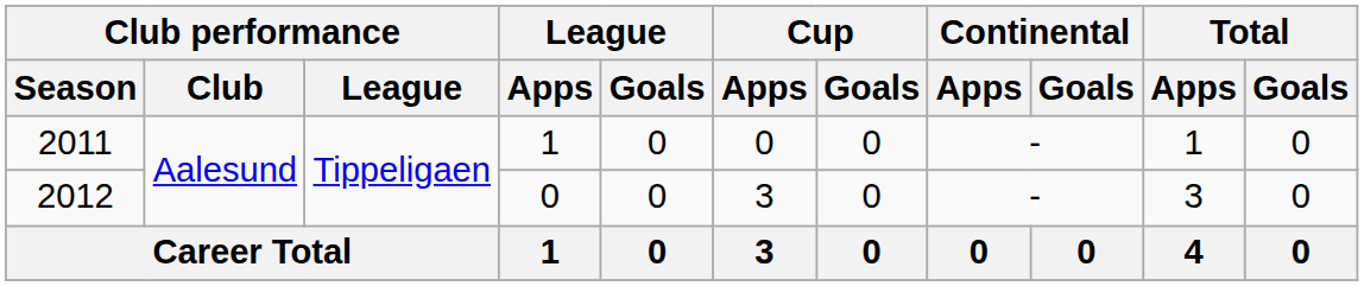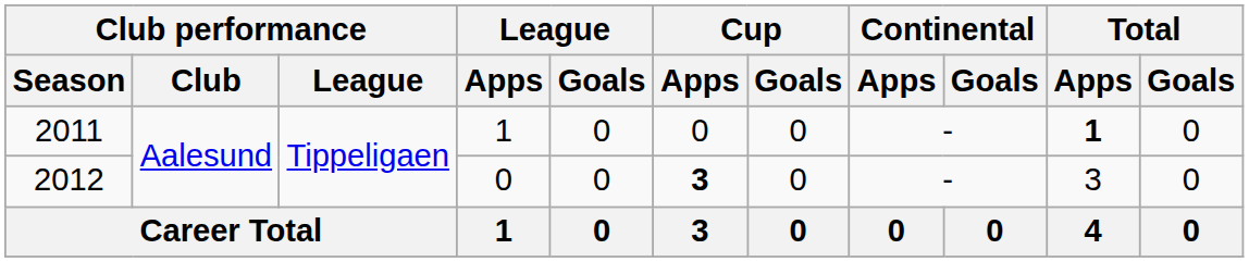 <table class="wikitable" style="text-align:center;">
 <tr>
 <th colspan=3>Club performance</th>
 <th colspan=2>League</th>
 <th colspan=2>Cup</th>
 <th colspan=2>Continental</th>
 <th colspan=2>Total</th>
 </tr>
 <tr>
 <th>Season</th>
 <th>Club</th>
 <th>League</th>
 <th>Apps</th>
 <th>Goals</th>
 <th>Apps</th>
 <th>Goals</th>
 <th>Apps</th>
 <th>Goals</th>
 <th>Apps</th>
 <th>Goals</th>
 </tr>
 <tr>
 <td>2011</td>
 <td rowspan="2"><a href='#'>Aalesund</a></td>
 <td rowspan="2"><a href='#'>Tippeligaen</a></td>
 <td>1</td>
 <td>0</td>
 <td>0</td>
 <td>0</td>
 <td colspan="2">-</td>
-<td>1</td>
+<td><strong>1</strong></td>
 <td>0</td>
 </tr>
 <tr>
 <td>2012</td>
 <td>0</td>
 <td>0</td>
-<td>3</td>
+<td><strong>3</strong></td>
 <td>0</td>
 <td colspan="2">-</td>
 <td>3</td>
 <td>0</td>
 </tr>
 <tr>
 <th colspan="3">Career Total</th>
 <th>1</th>
 <th>0</th>
 <th>3</th>
 <th>0</th>
 <th>0</th>
 <th>0</th>
 <th>4</th>
 <th>0</th>
 </tr>
 </table>
